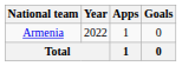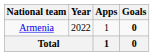 <table class=wikitable style=text-align:center>
 <tr>
 <th>National team</th>
 <th>Year</th>
 <th>Apps</th>
 <th>Goals</th>
 </tr>
 <tr>
 <td><a href='#'>Armenia</a></td>
 <td>2022</td>
 <td>1</td>
-<td>0</td>
+<td><strong>0</strong></td>
 </tr>
 <tr>
 <th colspan=2>Total</th>
 <th>1</th>
 <th>0</th>
 </tr>
 </table>
